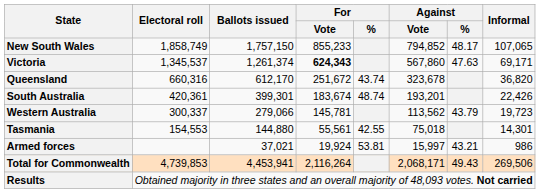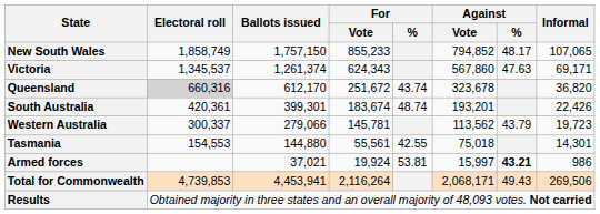 <table class="wikitable">
 <tr align=center>
 <th rowspan="2">State</th>
 <th rowspan="2">Electoral roll</th>
 <th rowspan="2">Ballots issued</th>
 <th align=center colspan="2">For</th>
 <th align=center colspan="2">Against</th>
 <th align=center rowspan="2">Informal</th>
 </tr>
 <tr>
 <th align=center>Vote</th>
 <th align=center>%</th>
 <th align=center>Vote</th>
 <th align=center>%</th>
 </tr>
 <tr align="right">
 <th style="text-align:left;">New South Wales</th>
 <td>1,858,749</td>
 <td>1,757,150</td>
 <td>855,233</td>
 <th></th>
 <td>794,852</td>
 <td align="center">48.17</td>
 <td>107,065</td>
 </tr>
 <tr align="right">
 <th style="text-align:left;">Victoria</th>
 <td>1,345,537</td>
 <td>1,261,374</td>
-<td><strong>624,343</strong></td>
+<td>624,343</td>
 <th></th>
 <td>567,860</td>
 <td align="center">47.63</td>
 <td>69,171</td>
 </tr>
 <tr align="right">
 <th style="text-align:left;">Queensland</th>
-<td>660,316</td>
+<td style="background: lightgrey;">660,316</td>
 <td>612,170</td>
 <td>251,672</td>
 <td align="center">43.74</td>
 <td>323,678</td>
 <th></th>
 <td>36,820</td>
 </tr>
 <tr align="right">
 <th style="text-align:left;">South Australia</th>
 <td>420,361</td>
 <td>399,301</td>
 <td>183,674</td>
 <td align="center">48.74</td>
 <td>193,201</td>
 <th></th>
 <td>22,426</td>
 </tr>
 <tr align="right">
 <th style="text-align:left;">Western Australia</th>
 <td>300,337</td>
 <td>279,066</td>
 <td>145,781</td>
 <th></th>
 <td>113,562</td>
 <td align="center">43.79</td>
 <td>19,723</td>
 </tr>
 <tr align="right">
 <th style="text-align:left;">Tasmania</th>
 <td>154,553</td>
 <td>144,880</td>
 <td>55,561</td>
 <td align="center">42.55</td>
 <td>75,018</td>
 <th></th>
 <td>14,301</td>
 </tr>
 <tr align="right">
 <th style="text-align:left;">Armed forces</th>
 <td> </td>
 <td>37,021</td>
 <td>19,924</td>
 <td align="center">53.81</td>
 <td>15,997</td>
-<td align="center">43.21</td>
+<td align="center"><strong>43.21</strong></td>
 <td>986</td>
 </tr>
 <tr bgcolor="#FFE0C0" align="right">
 <th style="text-align:left">Total for Commonwealth</th>
 <td>4,739,853</td>
 <td>4,453,941</td>
 <td>2,116,264</td>
 <th></th>
 <td>2,068,171</td>
 <td align="center">49.43</td>
 <td>269,506</td>
 </tr>
 <tr>
 <th style="text-align:left;">Results</th>
 <td colSpan="8"><em>Obtained majority in three states and an overall majority of 48,093 votes.</em> <strong>Not carried</strong></td>
 </tr>
 </table>
